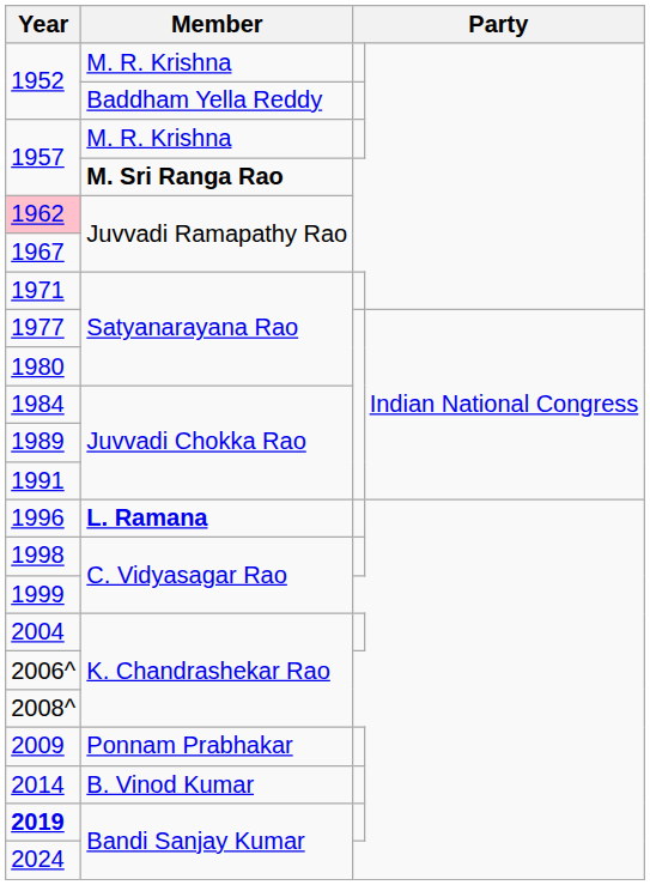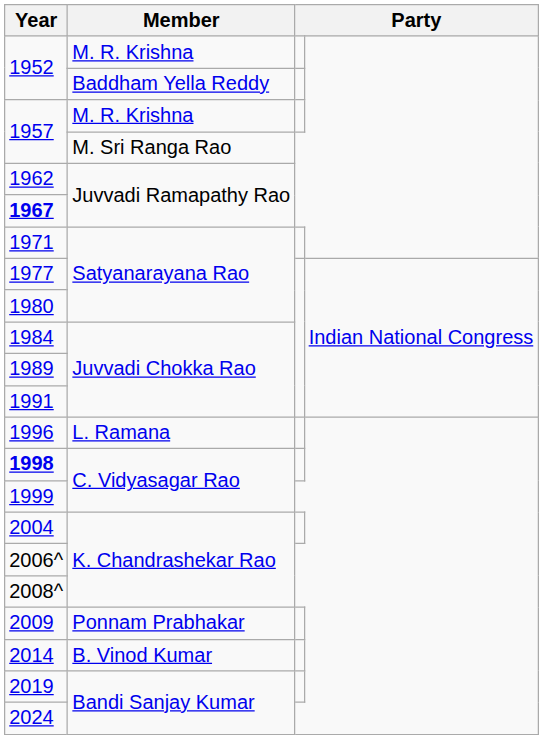 <table class="wikitable">
 <tr>
 <th>Year</th>
 <th>Member</th>
 <th colspan="2">Party</th>
 </tr>
 <tr>
 <td rowspan="2"><a href='#'>1952</a></td>
 <td><a href='#'>M. R. Krishna</a></td>
 <td></td>
 </tr>
 <tr>
 <td><a href='#'>Baddham Yella Reddy</a></td>
 <td></td>
 </tr>
 <tr>
 <td rowspan="2"><a href='#'>1957</a></td>
 <td><a href='#'>M. R. Krishna</a></td>
 <td></td>
 </tr>
 <tr>
-<td><strong>M. Sri Ranga Rao</strong></td>
+<td>M. Sri Ranga Rao</td>
 </tr>
 <tr>
-<td style="background: pink;"><a href='#'>1962</a></td>
+<td><a href='#'>1962</a></td>
 <td rowspan="2">Juvvadi Ramapathy Rao</td>
 </tr>
 <tr>
-<td><a href='#'>1967</a></td>
+<td><strong><a href='#'>1967</a></strong></td>
 </tr>
 <tr>
 <td><a href='#'>1971</a></td>
 <td rowspan="3"><a href='#'>Satyanarayana Rao</a></td>
 <td></td>
 </tr>
 <tr>
 <td><a href='#'>1977</a></td>
 <td rowspan="5" style="background-color: "></td>
 <td rowspan="5"><a href='#'>Indian National Congress</a></td>
 </tr>
 <tr>
 <td><a href='#'>1980</a></td>
 </tr>
 <tr>
 <td><a href='#'>1984</a></td>
 <td rowspan="3"><a href='#'>Juvvadi Chokka Rao</a></td>
 </tr>
 <tr>
 <td><a href='#'>1989</a></td>
 </tr>
 <tr>
 <td><a href='#'>1991</a></td>
 </tr>
 <tr>
 <td><a href='#'>1996</a></td>
-<td><strong><a href='#'>L. Ramana</a></strong></td>
+<td><a href='#'>L. Ramana</a></td>
 <td></td>
 </tr>
 <tr>
-<td><a href='#'>1998</a></td>
+<td><strong><a href='#'>1998</a></strong></td>
 <td rowspan="2"><a href='#'>C. Vidyasagar Rao</a></td>
 <td></td>
 </tr>
 <tr>
 <td><a href='#'>1999</a></td>
 </tr>
 <tr>
 <td><a href='#'>2004</a></td>
 <td rowspan="3"><a href='#'>K. Chandrashekar Rao</a></td>
 <td></td>
 </tr>
 <tr>
 <td>2006^</td>
 </tr>
 <tr>
 <td>2008^</td>
 </tr>
 <tr>
 <td><a href='#'>2009</a></td>
 <td><a href='#'>Ponnam Prabhakar</a></td>
 <td></td>
 </tr>
 <tr>
 <td><a href='#'>2014</a></td>
 <td><a href='#'>B. Vinod Kumar</a></td>
 <td></td>
 </tr>
 <tr>
-<td><strong><a href='#'>2019</a></strong></td>
+<td><a href='#'>2019</a></td>
 <td rowspan="2"><a href='#'>Bandi Sanjay Kumar</a></td>
 <td></td>
 </tr>
 <tr>
 <td><a href='#'>2024</a></td>
 </tr>
 </table>
